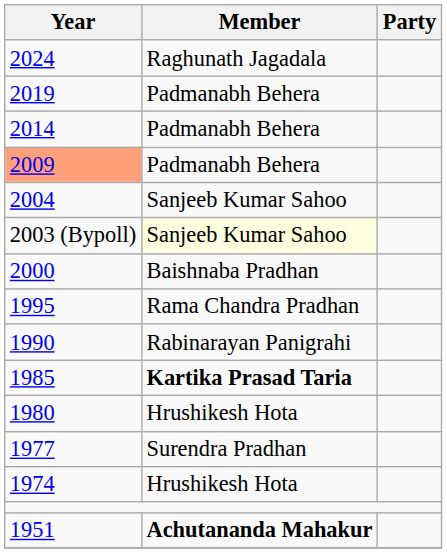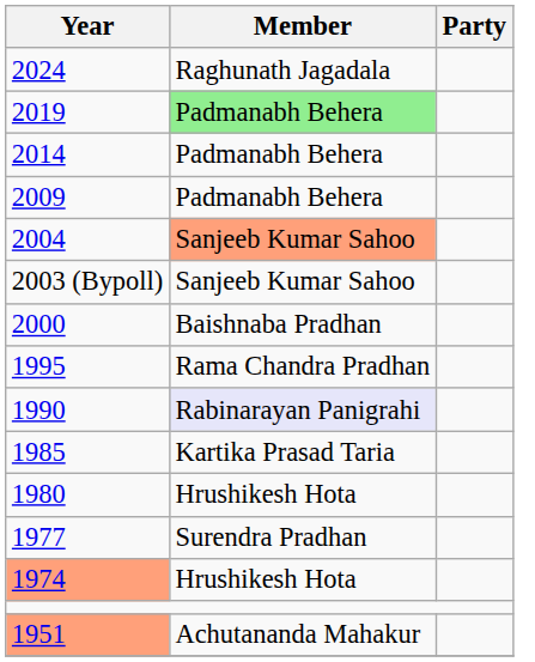 <table class="wikitable sortable">
 <tr>
 <th>Year</th>
 <th>Member</th>
 <th colspan="2">Party</th>
 </tr>
 <tr>
 <td><a href='#'>2024</a></td>
 <td>Raghunath Jagadala</td>
 <td></td>
 </tr>
 <tr>
 <td><a href='#'>2019</a></td>
-<td>Padmanabh Behera</td>
+<td style="background: lightgreen;">Padmanabh Behera</td>
 <td></td>
 </tr>
 <tr>
 <td><a href='#'>2014</a></td>
 <td>Padmanabh Behera</td>
 <td></td>
 </tr>
 <tr>
-<td style="background: lightsalmon;"><a href='#'>2009</a></td>
+<td><a href='#'>2009</a></td>
 <td>Padmanabh Behera</td>
 <td></td>
 </tr>
 <tr>
 <td><a href='#'>2004</a></td>
-<td>Sanjeeb Kumar Sahoo</td>
+<td style="background: lightsalmon;">Sanjeeb Kumar Sahoo</td>
 <td></td>
 </tr>
 <tr>
 <td>2003 (Bypoll)</td>
-<td style="background: lightyellow;">Sanjeeb Kumar Sahoo</td>
+<td>Sanjeeb Kumar Sahoo</td>
 <td></td>
 </tr>
 <tr>
 <td><a href='#'>2000</a></td>
 <td>Baishnaba Pradhan</td>
 <td></td>
 </tr>
 <tr>
 <td><a href='#'>1995</a></td>
 <td>Rama Chandra Pradhan</td>
 <td></td>
 </tr>
 <tr>
 <td><a href='#'>1990</a></td>
-<td>Rabinarayan Panigrahi</td>
+<td style="background: lavender;">Rabinarayan Panigrahi</td>
 <td></td>
 </tr>
 <tr>
 <td><a href='#'>1985</a></td>
-<td><strong>Kartika Prasad Taria</strong></td>
+<td>Kartika Prasad Taria</td>
 <td></td>
 </tr>
 <tr>
 <td><a href='#'>1980</a></td>
 <td>Hrushikesh Hota</td>
 <td></td>
 </tr>
 <tr>
 <td><a href='#'>1977</a></td>
 <td>Surendra Pradhan</td>
 <td></td>
 </tr>
 <tr>
-<td><a href='#'>1974</a></td>
+<td style="background: lightsalmon;"><a href='#'>1974</a></td>
 <td>Hrushikesh Hota</td>
 <td></td>
 </tr>
 <tr>
 <td colspan="4"></td>
 </tr>
 <tr>
-<td><a href='#'>1951</a></td>
-<td><strong>Achutananda Mahakur</strong></td>
+<td style="background: lightsalmon;"><a href='#'>1951</a></td>
+<td>Achutananda Mahakur</td>
 <td></td>
 </tr>
 <tr>
 </tr>
 </table>
